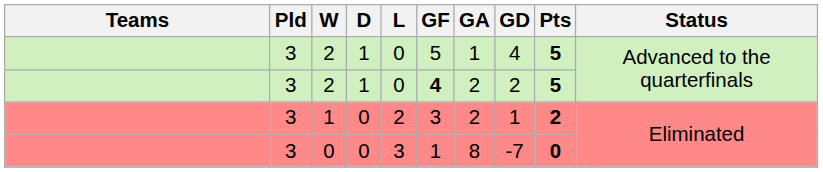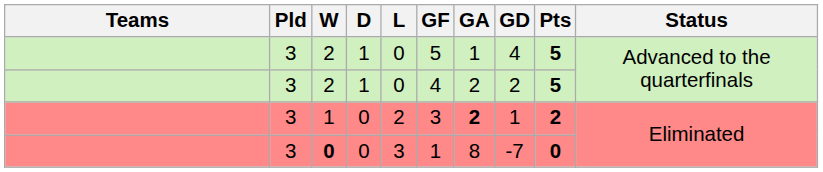 <table class=wikitable style="text-align:center">
 <tr>
 <th width=200>Teams</th>
 <th width=20>Pld</th>
 <th width=20>W</th>
 <th width=20>D</th>
 <th width=20>L</th>
 <th width=20>GF</th>
 <th width=20>GA</th>
 <th width=20>GD</th>
 <th width=20>Pts</th>
 <th width=181>Status</th>
 </tr>
 <tr bgcolor="#D0F0C0">
 <td style="text-align:left;"></td>
 <td>3</td>
 <td>2</td>
 <td>1</td>
 <td>0</td>
 <td>5</td>
 <td>1</td>
 <td>4</td>
 <td><strong>5</strong></td>
 <td rowspan=2>Advanced to the quarterfinals</td>
 </tr>
 <tr bgcolor="#D0F0CO">
 <td style="text-align:left;"></td>
 <td>3</td>
 <td>2</td>
 <td>1</td>
 <td>0</td>
-<td><strong>4</strong></td>
+<td>4</td>
 <td>2</td>
 <td>2</td>
 <td><strong>5</strong></td>
 </tr>
 <tr bgcolor=FF8888>
 <td style="text-align:left;"></td>
 <td>3</td>
 <td>1</td>
 <td>0</td>
 <td>2</td>
 <td>3</td>
-<td>2</td>
+<td><strong>2</strong></td>
 <td>1</td>
 <td><strong>2</strong></td>
 <td rowspan=2>Eliminated</td>
 </tr>
 <tr bgcolor=FF8888>
 <td style="text-align:left;"></td>
 <td>3</td>
-<td>0</td>
+<td><strong>0</strong></td>
 <td>0</td>
 <td>3</td>
 <td>1</td>
 <td>8</td>
 <td>-7</td>
 <td><strong>0</strong></td>
 </tr>
 </table>
